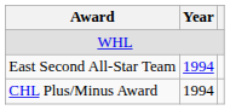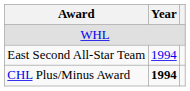 <table class="wikitable">
 <tr>
 <th>Award</th>
 <th>Year</th>
 <th></th>
 </tr>
 <tr ALIGN="center" bgcolor="#e0e0e0">
 <td colspan="3"><a href='#'>WHL</a></td>
 </tr>
 <tr>
 <td>East Second All-Star Team</td>
 <td><a href='#'>1994</a></td>
 <td></td>
 </tr>
 <tr>
 <td><a href='#'>CHL</a> Plus/Minus Award</td>
-<td>1994</td>
+<td><strong>1994</strong></td>
 <td></td>
 </tr>
 </table>
